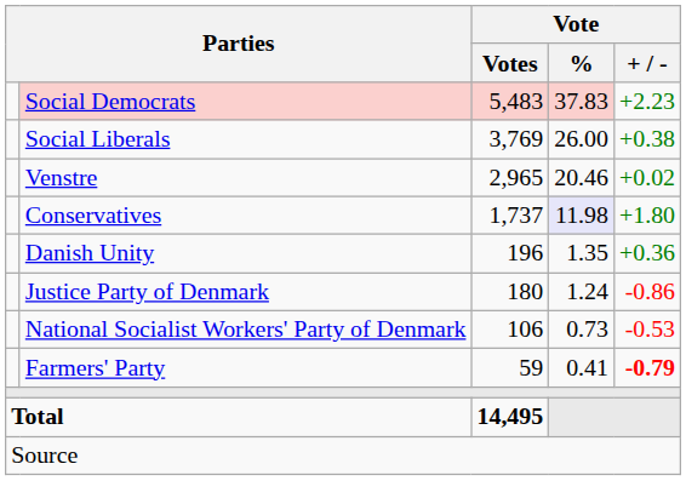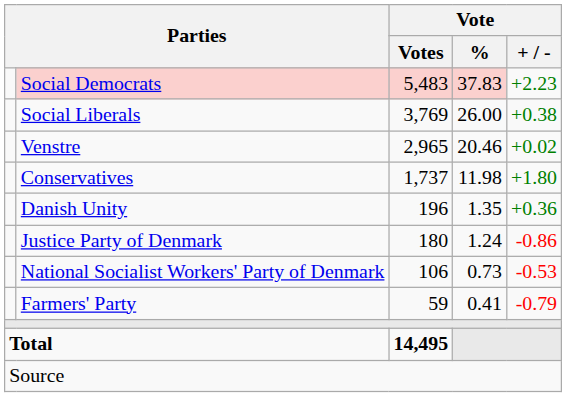 <table class="wikitable" style="text-align:right;">
 <tr>
 <th style="text-align:centre;" rowspan="2" colspan="2" width="225">Parties</th>
 <th colspan="3">Vote</th>
 </tr>
 <tr>
 <th width="15">Votes</th>
 <th width="15">%</th>
 <th width="15">+ / -</th>
 </tr>
 <tr>
 <td width="2" style="color:inherit;background:"></td>
 <td bgcolor=#fbd0ce  align="left"><a href='#'>Social Democrats</a></td>
 <td bgcolor=#fbd0ce>5,483</td>
 <td bgcolor=#fbd0ce>37.83</td>
 <td style=color:green;>+2.23</td>
 </tr>
 <tr>
 <td width="2" style="color:inherit;background:"></td>
 <td align="left"><a href='#'>Social Liberals</a></td>
 <td>3,769</td>
 <td>26.00</td>
 <td style=color:green;>+0.38</td>
 </tr>
 <tr>
 <td width="2" style="color:inherit;background:"></td>
 <td align="left"><a href='#'>Venstre</a></td>
 <td>2,965</td>
 <td>20.46</td>
 <td style=color:green;>+0.02</td>
 </tr>
 <tr>
 <td width="2" style="color:inherit;background:"></td>
 <td align="left"><a href='#'>Conservatives</a></td>
 <td>1,737</td>
-<td style="background: lavender;">11.98</td>
+<td>11.98</td>
 <td style=color:green;>+1.80</td>
 </tr>
 <tr>
 <td width="2" style="color:inherit;background:"></td>
 <td align="left"><a href='#'>Danish Unity</a></td>
 <td>196</td>
 <td>1.35</td>
 <td style=color:green;>+0.36</td>
 </tr>
 <tr>
 <td width="2" style="color:inherit;background:"></td>
 <td align="left"><a href='#'>Justice Party of Denmark</a></td>
 <td>180</td>
 <td>1.24</td>
 <td style=color:red;>-0.86</td>
 </tr>
 <tr>
 <td width="2" style="color:inherit;background:"></td>
 <td align="left"><a href='#'>National Socialist Workers' Party of Denmark</a></td>
 <td>106</td>
 <td>0.73</td>
 <td style=color:red;>-0.53</td>
 </tr>
 <tr>
 <td width="2" style="color:inherit;background:"></td>
 <td align="left"><a href='#'>Farmers' Party</a></td>
 <td>59</td>
 <td>0.41</td>
-<td style=color:red;><strong>-0.79</strong></td>
+<td style=color:red;>-0.79</td>
 </tr>
 <tr>
 <td colspan="7" bgcolor="#E9E9E9"></td>
 </tr>
 <tr>
 <td align="left" colspan="2"><strong>Total</strong></td>
 <td><strong>14,495</strong></td>
 <td bgcolor="#E9E9E9" colspan="2"></td>
 </tr>
 <tr>
 <td align="left" colspan="6">Source</td>
 </tr>
 </table>
